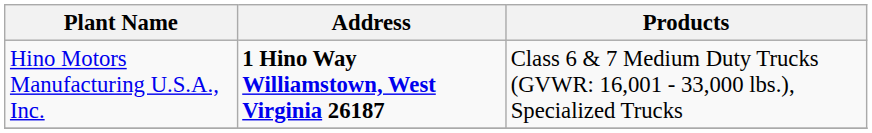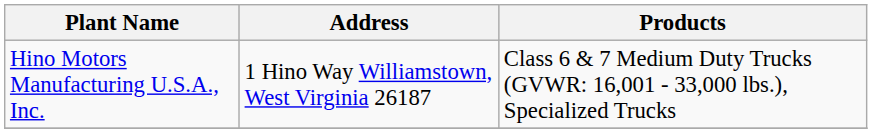 <table class="wikitable">
 <tr>
 <th>Plant Name</th>
 <th>Address</th>
 <th>Products</th>
 </tr>
 <tr --->
 <td><a href='#'>Hino Motors Manufacturing U.S.A., Inc.</a></td>
-<td><strong>1 Hino Way <a href='#'>Williamstown, West Virginia</a> 26187</strong></td>
+<td>1 Hino Way <a href='#'>Williamstown, West Virginia</a> 26187</td>
 <td>Class 6 & 7 Medium Duty Trucks (GVWR: 16,001 - 33,000 lbs.), Specialized Trucks</td>
 </tr>
 <tr --->
 </tr>
 <tr --->
 </tr>
 <tr --->
 </tr>
 </table>
